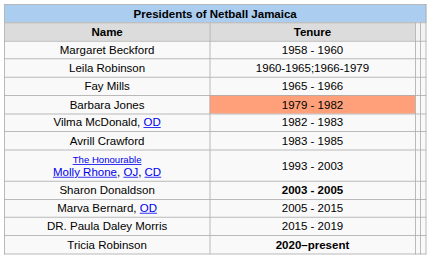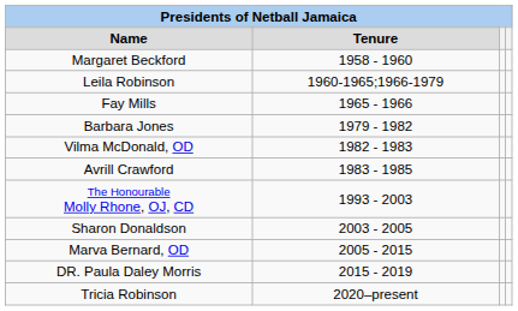 <table class=wikitable style="text-align:center; font-size:90%">
 <tr>
 <th colspan="7" style="background:#ABCDEF">Presidents of Netball Jamaica</th>
 </tr>
 <tr>
 <th width=250 style=background:gainsboro>Name</th>
 <th width=250 style=background:gainsboro>Tenure</th>
 <th></th>
 <th></th>
 </tr>
 <tr>
 <td>Margaret Beckford</td>
 <td>1958 - 1960</td>
 <td></td>
 <td></td>
 </tr>
 <tr>
 <td>Leila Robinson</td>
 <td>1960-1965;1966-1979</td>
 <td></td>
 <td></td>
 </tr>
 <tr>
 <td>Fay Mills</td>
 <td>1965 - 1966</td>
 <td></td>
 <td></td>
 </tr>
 <tr>
 <td>Barbara Jones</td>
-<td style="background: lightsalmon;">1979 - 1982</td>
+<td>1979 - 1982</td>
 <td></td>
 <td></td>
 </tr>
 <tr>
 <td>Vilma McDonald, <a href='#'>OD</a></td>
 <td>1982 - 1983</td>
 <td></td>
 <td></td>
 </tr>
 <tr>
 <td>Avrill Crawford</td>
 <td>1983 - 1985</td>
 <td></td>
 <td></td>
 </tr>
 <tr>
 <td><small><a href='#'>The Honourable</a></small><br><a href='#'>Molly Rhone</a>, <a href='#'>OJ</a>, <a href='#'>CD</a></td>
 <td>1993 - 2003</td>
 <td></td>
 <td></td>
 </tr>
 <tr>
 <td>Sharon Donaldson</td>
-<td><strong>2003 - 2005</strong></td>
+<td>2003 - 2005</td>
 <td></td>
 <td></td>
 </tr>
 <tr>
 <td>Marva Bernard, <a href='#'>OD</a></td>
 <td>2005 - 2015</td>
 <td></td>
 <td></td>
 </tr>
 <tr>
 <td>DR. Paula Daley Morris</td>
 <td>2015 - 2019</td>
 <td></td>
 <td></td>
 </tr>
 <tr>
 <td>Tricia Robinson</td>
-<td><strong>2020–present</strong></td>
+<td>2020–present</td>
 <td></td>
 <td></td>
 </tr>
 </table>
